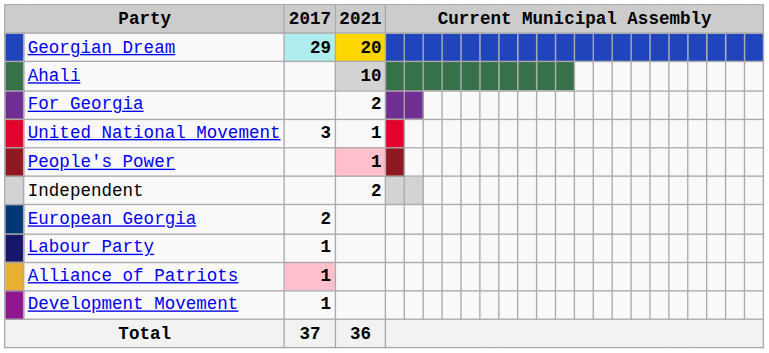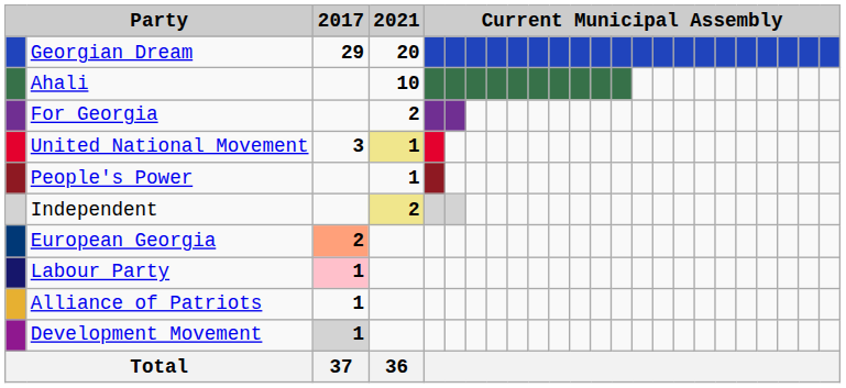 <table class="wikitable">
 <tr>
 <th style="background:#ccc" colspan="2">Party</th>
 <th style="background:#ccc">2017</th>
 <th style="background:#ccc">2021</th>
 <th colspan="44" style="background:#ccc">Current Municipal Assembly</th>
 </tr>
 <tr>
 <td style="background-color: #2044bc"> </td>
 <td><a href='#'>Georgian Dream</a></td>
-<td style="background: paleturquoise; text-align: right"><strong>29</strong></td>
-<td style="background: gold; text-align: right"><strong>20</strong></td>
+<td style="text-align: right"><strong>29</strong></td>
+<td style="text-align: right"><strong>20</strong></td>
 <td style="background-color: #2044bc"> </td>
 <td style="background-color: #2044bc"> </td>
 <td style="background-color: #2044bc"> </td>
 <td style="background-color: #2044bc"> </td>
 <td style="background-color: #2044bc"> </td>
 <td style="background-color: #2044bc"> </td>
 <td style="background-color: #2044bc"> </td>
 <td style="background-color: #2044bc"> </td>
 <td style="background-color: #2044bc"> </td>
 <td style="background-color: #2044bc"> </td>
 <td style="background-color: #2044bc"> </td>
 <td style="background-color: #2044bc"> </td>
 <td style="background-color: #2044bc"> </td>
 <td style="background-color: #2044bc"> </td>
 <td style="background-color: #2044bc"> </td>
 <td style="background-color: #2044bc"> </td>
 <td style="background-color: #2044bc"> </td>
 <td style="background-color: #2044bc"> </td>
 <td style="background-color: #2044bc"> </td>
 <td style="background-color: #2044bc"> </td>
 </tr>
 <tr>
 <td style="background-color: #377149"> </td>
 <td><a href='#'>Ahali</a></td>
 <td></td>
-<td style="background: lightgrey; text-align: right"><strong>10</strong></td>
+<td style="text-align: right"><strong>10</strong></td>
 <td style="background-color: #377149"> </td>
 <td style="background-color: #377149"> </td>
 <td style="background-color: #377149"> </td>
 <td style="background-color: #377149"> </td>
 <td style="background-color: #377149"> </td>
 <td style="background-color: #377149"> </td>
 <td style="background-color: #377149"> </td>
 <td style="background-color: #377149"> </td>
 <td style="background-color: #377149"> </td>
 <td style="background-color: #377149"> </td>
 <td></td>
 <td></td>
 <td></td>
 <td></td>
 <td></td>
 <td></td>
 <td></td>
 <td></td>
 <td></td>
 <td></td>
 </tr>
 <tr>
 <td style="background-color: #702F92"> </td>
 <td><a href='#'>For Georgia</a></td>
 <td></td>
 <td style="text-align: right"><strong>2</strong></td>
 <td style="background-color: #702f92"> </td>
 <td style="background-color: #702f92"> </td>
 <td></td>
 <td></td>
 <td></td>
 <td></td>
 <td></td>
 <td></td>
 <td></td>
 <td></td>
 <td></td>
 <td></td>
 <td></td>
 <td></td>
 <td></td>
 <td></td>
 <td></td>
 <td></td>
 <td></td>
 <td></td>
 </tr>
 <tr>
 <td style="background-color: #e4012e  "> </td>
 <td><a href='#'>United National Movement</a></td>
 <td style="text-align: right"><strong>3</strong></td>
-<td style="text-align: right"><strong>1</strong></td>
+<td style="background: khaki; text-align: right"><strong>1</strong></td>
 <td style="background-color: #e4012e "> </td>
 <td></td>
 <td></td>
 <td></td>
 <td></td>
 <td></td>
 <td></td>
 <td></td>
 <td></td>
 <td></td>
 <td></td>
 <td></td>
 <td></td>
 <td></td>
 <td></td>
 <td></td>
 <td></td>
 <td></td>
 <td></td>
 <td></td>
 </tr>
 <tr>
 <td style="background-color: #8e1922 "> </td>
 <td><a href='#'>People's Power</a></td>
 <td></td>
-<td style="background: pink; text-align: right"><strong>1</strong></td>
+<td style="text-align: right"><strong>1</strong></td>
 <td style="background-color: #8e1922 "> </td>
 <td></td>
 <td></td>
 <td></td>
 <td></td>
 <td></td>
 <td></td>
 <td></td>
 <td></td>
 <td></td>
 <td></td>
 <td></td>
 <td></td>
 <td></td>
 <td></td>
 <td></td>
 <td></td>
 <td></td>
 <td></td>
 <td></td>
 </tr>
 <tr>
 <td style="background-color: lightgray"> </td>
 <td>Independent</td>
 <td></td>
-<td style="text-align: right"><strong>2</strong></td>
+<td style="background: khaki; text-align: right"><strong>2</strong></td>
 <td style="background-color: lightgray"> </td>
 <td style="background-color: lightgray"> </td>
 <td></td>
 <td></td>
 <td></td>
 <td></td>
 <td></td>
 <td></td>
 <td></td>
 <td></td>
 <td></td>
 <td></td>
 <td></td>
 <td></td>
 <td></td>
 <td></td>
 <td></td>
 <td></td>
 <td></td>
 <td></td>
 </tr>
 <tr>
 <td style="background-color: #003876"> </td>
 <td><a href='#'>European Georgia</a></td>
-<td style="text-align: right"><strong>2</strong></td>
+<td style="background: lightsalmon; text-align: right"><strong>2</strong></td>
 <td></td>
 <td></td>
 <td></td>
 <td></td>
 <td></td>
 <td></td>
 <td></td>
 <td></td>
 <td></td>
 <td></td>
 <td></td>
 <td></td>
 <td></td>
 <td></td>
 <td></td>
 <td></td>
 <td></td>
 <td></td>
 <td></td>
 <td></td>
 <td></td>
 </tr>
 <tr>
 <td style="background-color: #16166b"> </td>
 <td><a href='#'>Labour Party</a></td>
-<td style="text-align: right"><strong>1</strong></td>
+<td style="background: pink; text-align: right"><strong>1</strong></td>
 <td></td>
 <td></td>
 <td></td>
 <td></td>
 <td></td>
 <td></td>
 <td></td>
 <td></td>
 <td></td>
 <td></td>
 <td></td>
 <td></td>
 <td></td>
 <td></td>
 <td></td>
 <td></td>
 <td></td>
 <td></td>
 <td></td>
 <td></td>
 <td></td>
 </tr>
 <tr>
 <td style="background-color: #e7b031"> </td>
 <td><a href='#'>Alliance of Patriots</a></td>
-<td style="background: pink; text-align: right"><strong>1</strong></td>
+<td style="text-align: right"><strong>1</strong></td>
 <td></td>
 <td></td>
 <td></td>
 <td></td>
 <td></td>
 <td></td>
 <td></td>
 <td></td>
 <td></td>
 <td></td>
 <td></td>
 <td></td>
 <td></td>
 <td></td>
 <td></td>
 <td></td>
 <td></td>
 <td></td>
 <td></td>
 <td></td>
 <td></td>
 </tr>
 <tr>
 <td style="background-color: #8f188f"> </td>
 <td><a href='#'>Development Movement</a></td>
-<td style="text-align: right"><strong>1</strong></td>
+<td style="background: lightgrey; text-align: right"><strong>1</strong></td>
 <td></td>
 <td></td>
 <td></td>
 <td></td>
 <td></td>
 <td></td>
 <td></td>
 <td></td>
 <td></td>
 <td></td>
 <td></td>
 <td></td>
 <td></td>
 <td></td>
 <td></td>
 <td></td>
 <td></td>
 <td></td>
 <td></td>
 <td></td>
 <td></td>
 </tr>
 <tr>
 <th colspan=2>Total</th>
 <th align=right>37</th>
 <th align=right>36</th>
 <th colspan="44"> </th>
 </tr>
 </table>
